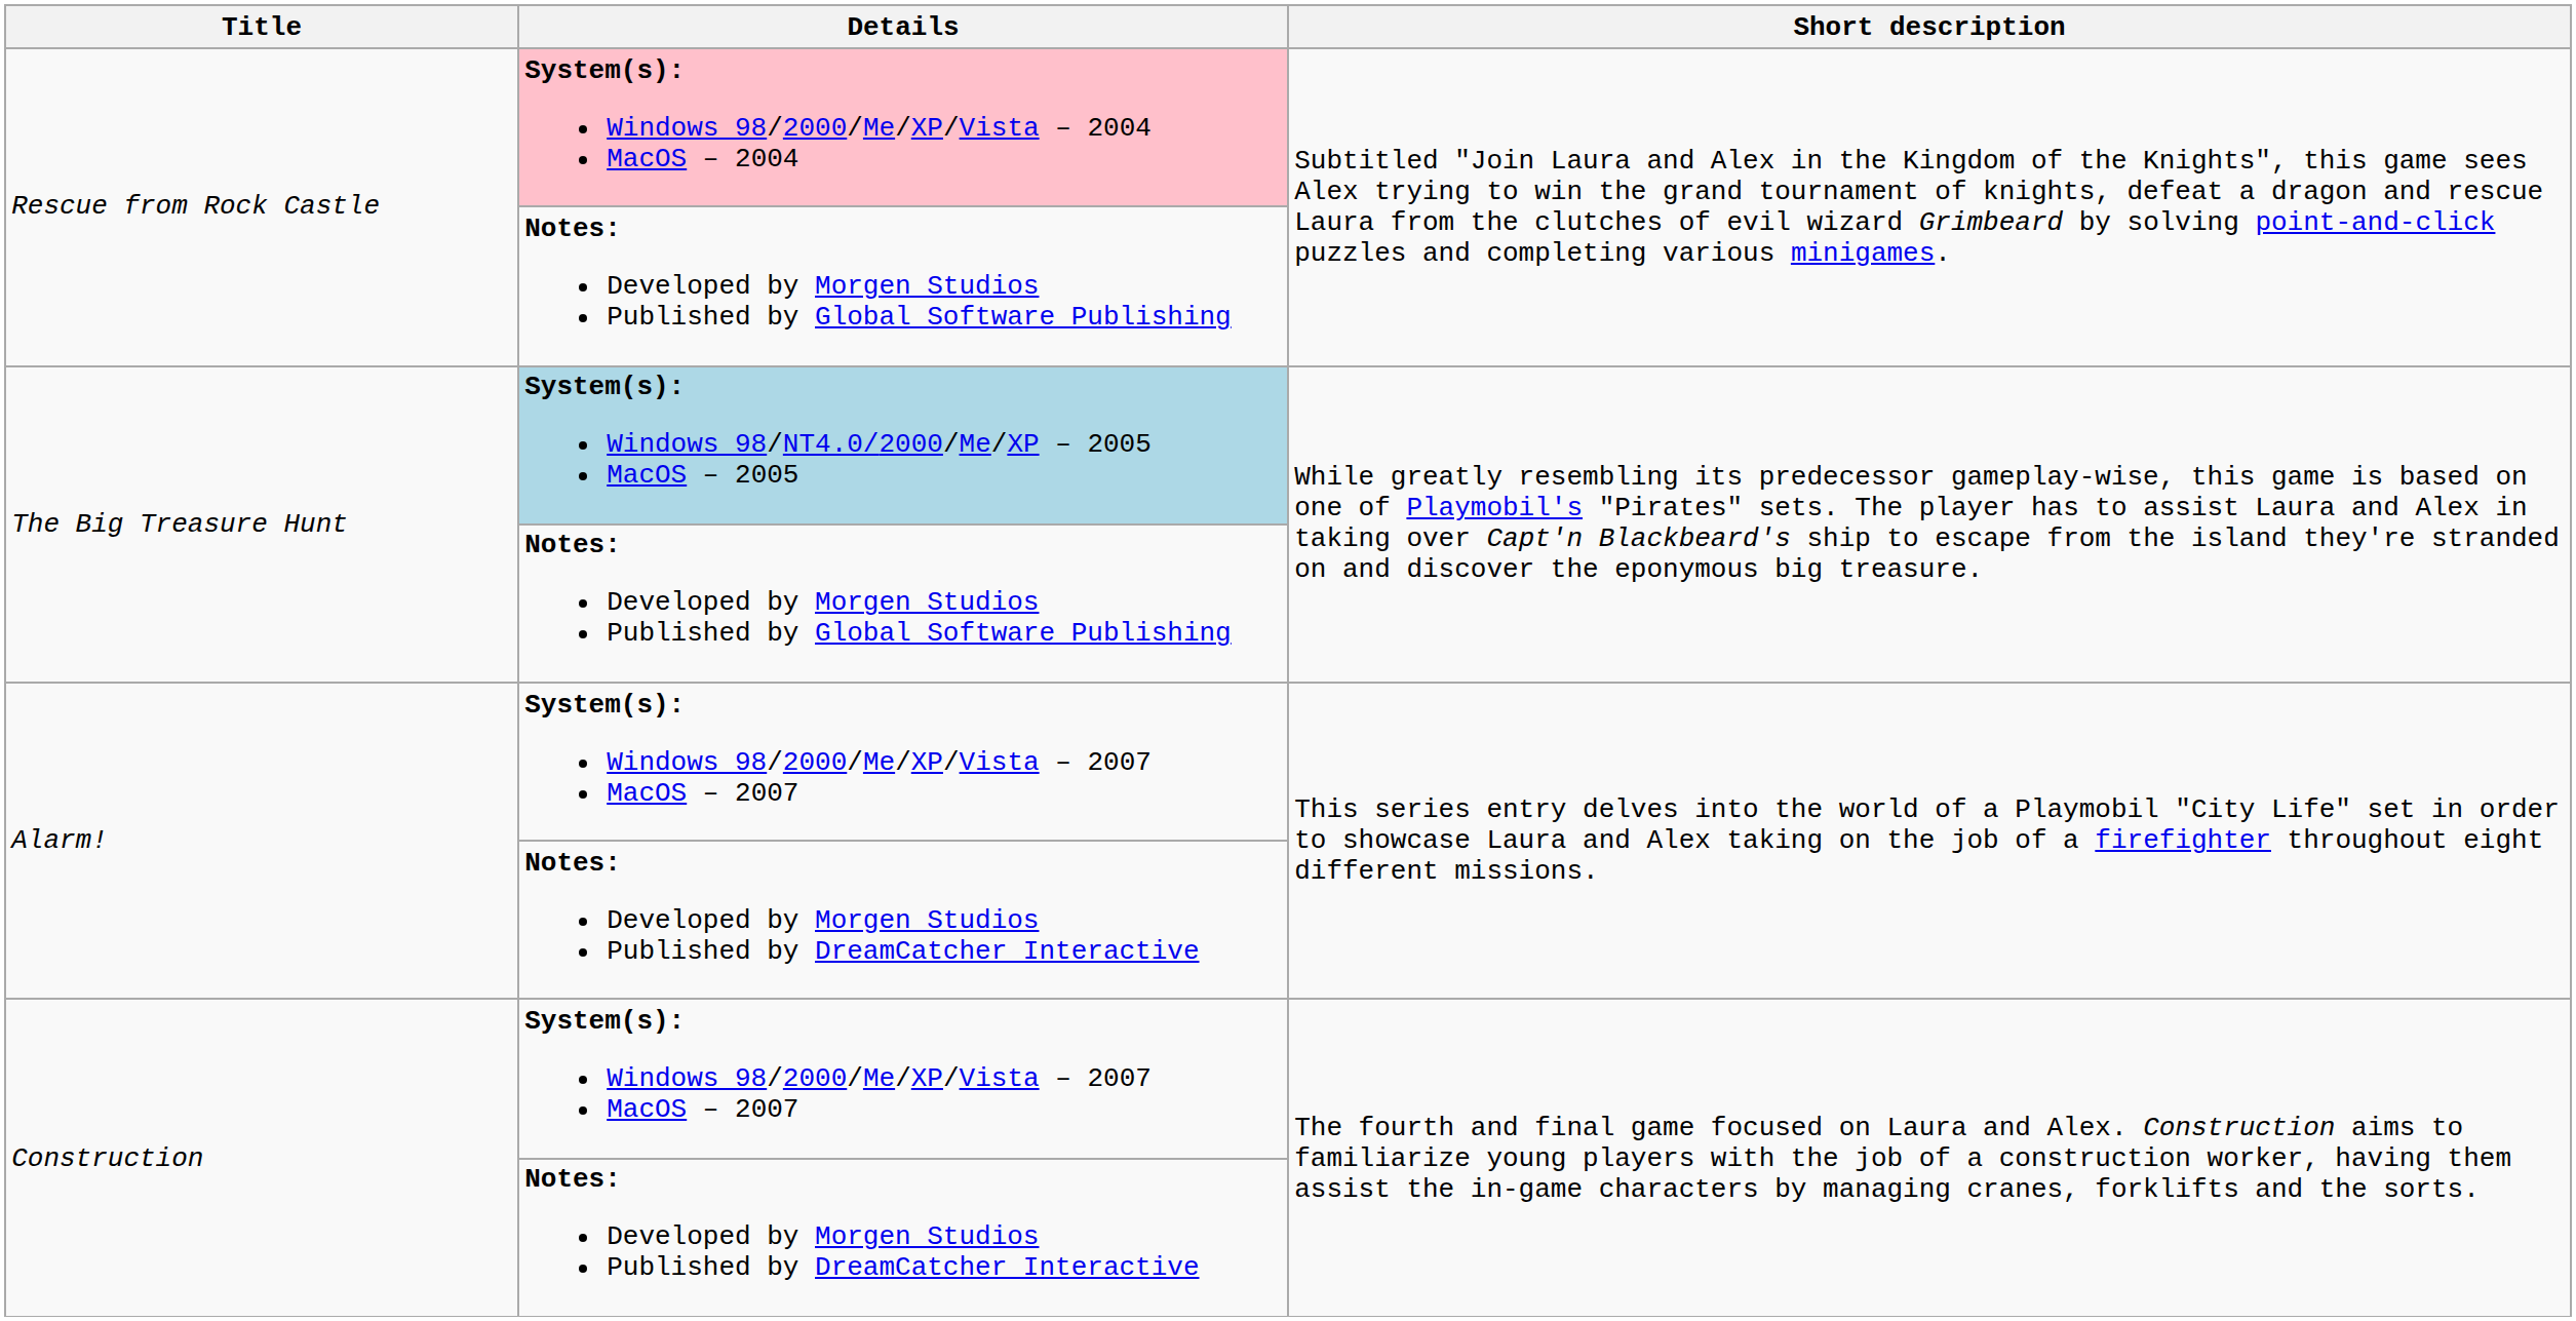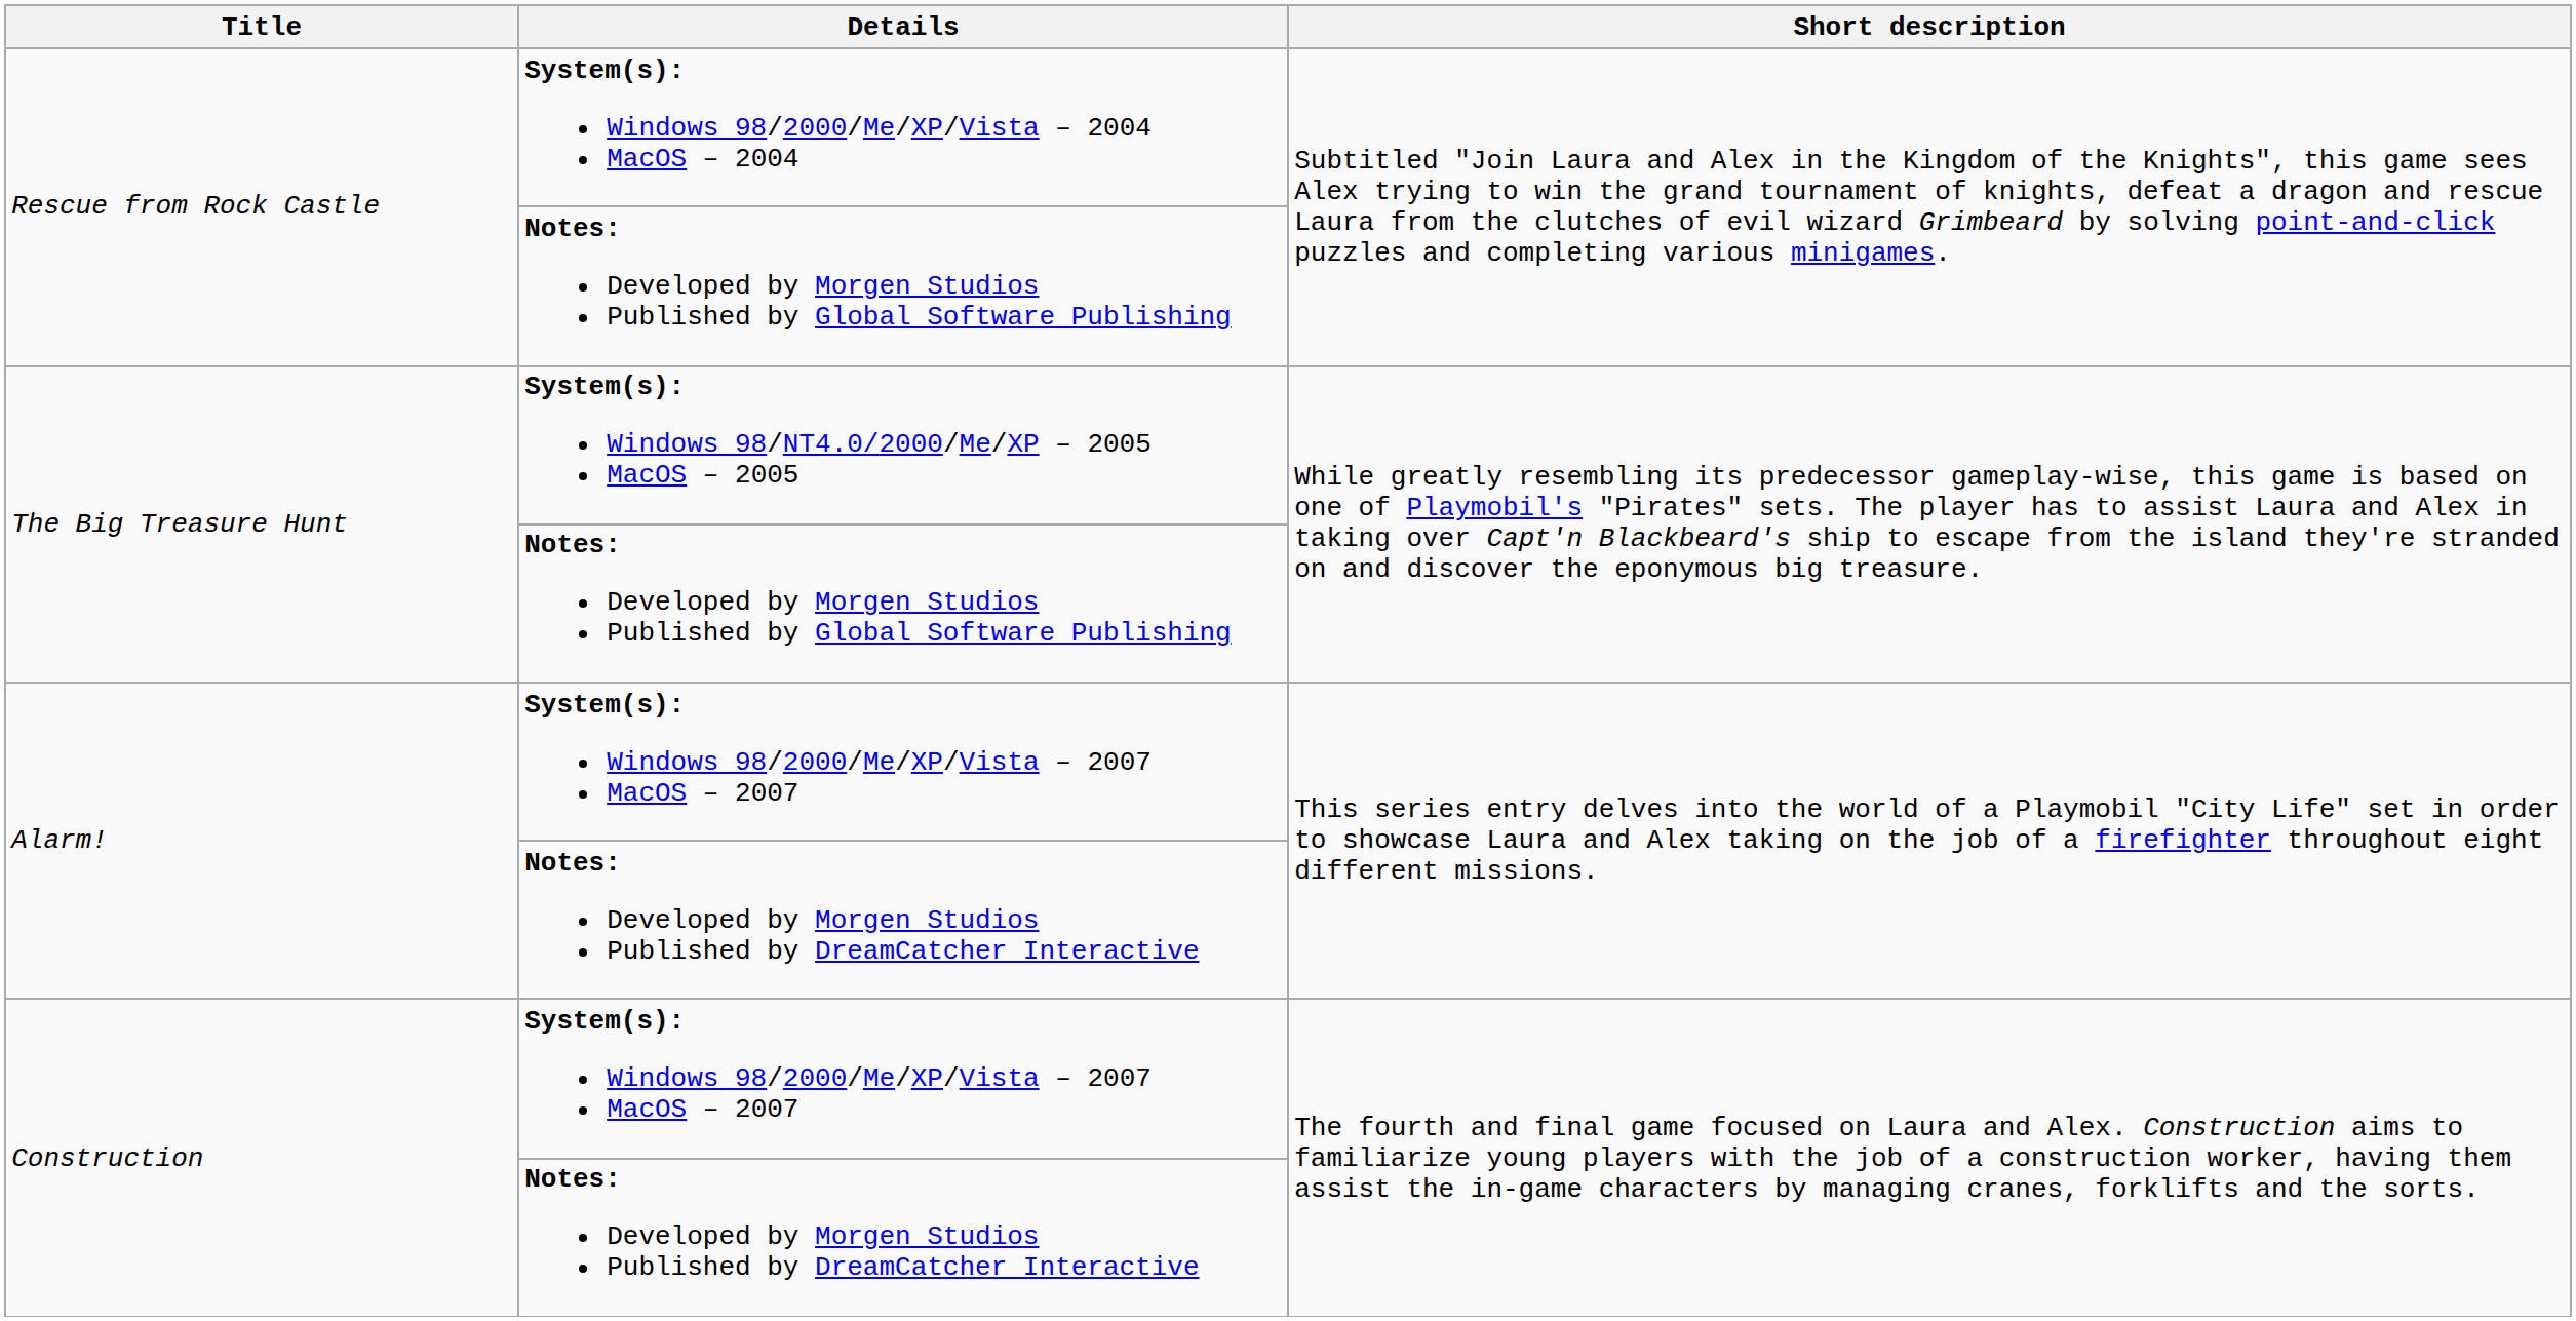 <table class="wikitable">
 <tr>
 <th style="width:20%;">Title</th>
 <th style="width:30%;">Details</th>
 <th style="width:50%;">Short description</th>
 </tr>
 <tr>
 <td rowspan="2"><div><em>Rescue from Rock Castle</em></div></td>
-<td style="background: pink;"><strong>System(s):</strong><br><ul><li><a href='#'>Windows 98</a>/<a href='#'>2000</a>/<a href='#'>Me</a>/<a href='#'>XP</a>/<a href='#'>Vista</a> – 2004</li><li><a href='#'>MacOS</a> – 2004</li></ul></td>
+<td><strong>System(s):</strong><br><ul><li><a href='#'>Windows 98</a>/<a href='#'>2000</a>/<a href='#'>Me</a>/<a href='#'>XP</a>/<a href='#'>Vista</a> – 2004</li><li><a href='#'>MacOS</a> – 2004</li></ul></td>
 <td rowspan="2">Subtitled "Join Laura and Alex in the Kingdom of the Knights", this game sees Alex trying to win the grand tournament of knights, defeat a dragon and rescue Laura from the clutches of evil wizard <em>Grimbeard</em> by solving <a href='#'>point-and-click</a> puzzles and completing various <a href='#'>minigames</a>.</td>
 </tr>
 <tr>
 <td><strong>Notes:</strong><br><ul><li>Developed by <a href='#'>Morgen Studios</a></li><li>Published by <a href='#'>Global Software Publishing</a></li></ul></td>
 </tr>
 <tr>
 <td rowspan="2"><div><em>The Big Treasure Hunt</em></div></td>
-<td style="background: lightblue;"><strong>System(s):</strong><br><ul><li><a href='#'>Windows 98</a>/<a href='#'>NT4.0/</a><a href='#'>2000</a>/<a href='#'>Me</a>/<a href='#'>XP</a> – 2005</li><li><a href='#'>MacOS</a> – 2005</li></ul></td>
+<td><strong>System(s):</strong><br><ul><li><a href='#'>Windows 98</a>/<a href='#'>NT4.0/</a><a href='#'>2000</a>/<a href='#'>Me</a>/<a href='#'>XP</a> – 2005</li><li><a href='#'>MacOS</a> – 2005</li></ul></td>
 <td rowspan="2">While greatly resembling its predecessor gameplay-wise, this game is based on one of <a href='#'>Playmobil's</a> "Pirates" sets. The player has to assist Laura and Alex in taking over <em>Capt'n Blackbeard's</em> ship to escape from the island they're stranded on and discover the eponymous big treasure.</td>
 </tr>
 <tr>
 <td><strong>Notes:</strong><br><ul><li>Developed by <a href='#'>Morgen Studios</a></li><li>Published by <a href='#'>Global Software Publishing</a></li></ul></td>
 </tr>
 <tr>
 <td rowspan="2"><div><em>Alarm!</em></div></td>
 <td><strong>System(s):</strong><br><ul><li><a href='#'>Windows 98</a>/<a href='#'>2000</a>/<a href='#'>Me</a>/<a href='#'>XP</a>/<a href='#'>Vista</a> – 2007</li><li><a href='#'>MacOS</a> – 2007</li></ul></td>
 <td rowspan="2">This series entry delves into the world of a Playmobil "City Life" set in order to showcase Laura and Alex taking on the job of a <a href='#'>firefighter</a> throughout eight different missions.</td>
 </tr>
 <tr>
 <td><strong>Notes:</strong><br><ul><li>Developed by <a href='#'>Morgen Studios</a></li><li>Published by <a href='#'>DreamCatcher Interactive</a></li></ul></td>
 </tr>
 <tr>
 <td rowspan="2"><div><em>Construction</em></div></td>
 <td><strong>System(s):</strong><br><ul><li><a href='#'>Windows 98</a>/<a href='#'>2000</a>/<a href='#'>Me</a>/<a href='#'>XP</a>/<a href='#'>Vista</a> – 2007</li><li><a href='#'>MacOS</a> – 2007</li></ul></td>
 <td rowspan="2">The fourth and final game focused on Laura and Alex. <em>Construction</em> aims to familiarize young players with the job of a construction worker, having them assist the in-game characters by managing cranes, forklifts and the sorts.</td>
 </tr>
 <tr>
 <td><strong>Notes:</strong><br><ul><li>Developed by <a href='#'>Morgen Studios</a></li><li>Published by <a href='#'>DreamCatcher Interactive</a></li></ul></td>
 </tr>
 </table>
